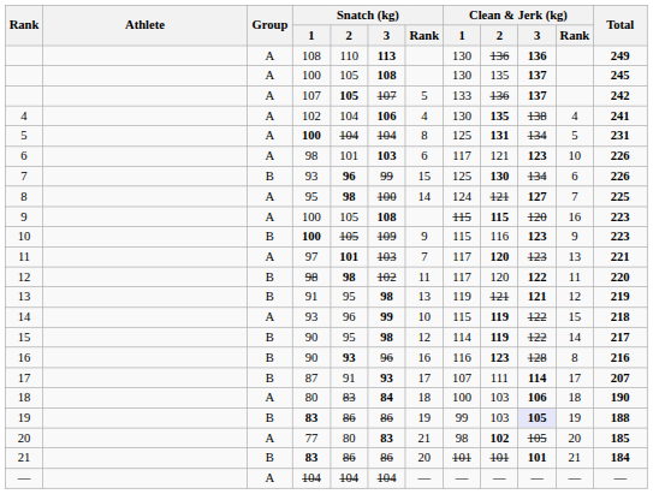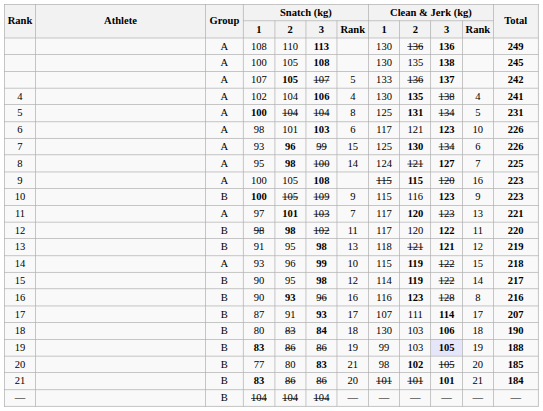 <table class = "wikitable" style="text-align:center;">
 <tr>
 <th rowspan=2 width=40>Rank</th>
 <th rowspan=2 width=250>Athlete</th>
 <th rowspan=2 width=50>Group</th>
 <th colspan=4>Snatch (kg)</th>
 <th colspan=4>Clean & Jerk (kg)</th>
 <th rowspan=2 width=60>Total</th>
 </tr>
 <tr>
 <th width=40>1</th>
 <th width=40>2</th>
 <th width=40>3</th>
 <th width=40>Rank</th>
 <th width=40>1</th>
 <th width=40>2</th>
 <th width=40>3</th>
 <th width=40>Rank</th>
 </tr>
 <tr>
 <td></td>
 <td align=left></td>
 <td>A</td>
 <td>108</td>
 <td>110</td>
 <td><strong>113</strong></td>
 <td></td>
 <td>130</td>
 <td><s>136 </s></td>
 <td><strong>136</strong></td>
 <td></td>
 <td><strong>249</strong></td>
 </tr>
 <tr>
 <td></td>
 <td align=left></td>
 <td>A</td>
 <td>100</td>
 <td>105</td>
 <td><strong>108</strong></td>
 <td></td>
 <td>130</td>
 <td>135</td>
-<td><strong>137</strong></td>
+<td><strong>138</strong></td>
 <td></td>
 <td><strong>245</strong></td>
 </tr>
 <tr>
 <td></td>
 <td align=left></td>
 <td>A</td>
 <td>107</td>
 <td><strong>105</strong></td>
 <td><s>107 </s></td>
 <td>5</td>
 <td>133</td>
 <td><s>136 </s></td>
 <td><strong>137</strong></td>
 <td></td>
 <td><strong>242</strong></td>
 </tr>
 <tr>
 <td>4</td>
 <td align=left></td>
 <td>A</td>
 <td>102</td>
 <td>104</td>
 <td><strong>106</strong></td>
 <td>4</td>
 <td>130</td>
 <td><strong>135</strong></td>
 <td><s>138 </s></td>
 <td>4</td>
 <td><strong>241</strong></td>
 </tr>
 <tr>
 <td>5</td>
 <td align=left></td>
 <td>A</td>
 <td><strong>100</strong></td>
 <td><s>104 </s></td>
 <td><s>104 </s></td>
 <td>8</td>
 <td>125</td>
 <td><strong>131</strong></td>
 <td><s>134 </s></td>
 <td>5</td>
 <td><strong>231</strong></td>
 </tr>
 <tr>
 <td>6</td>
 <td align=left></td>
 <td>A</td>
 <td>98</td>
 <td>101</td>
 <td><strong>103</strong></td>
 <td>6</td>
 <td>117</td>
 <td>121</td>
 <td><strong>123</strong></td>
 <td>10</td>
 <td><strong>226</strong></td>
 </tr>
 <tr>
 <td>7</td>
 <td align=left></td>
-<td>B</td>
+<td>A</td>
 <td>93</td>
 <td><strong>96</strong></td>
 <td><s>99 </s></td>
 <td>15</td>
 <td>125</td>
 <td><strong>130</strong></td>
 <td><s>134 </s></td>
 <td>6</td>
 <td><strong>226</strong></td>
 </tr>
 <tr>
 <td>8</td>
 <td align=left></td>
 <td>A</td>
 <td>95</td>
 <td><strong>98</strong></td>
 <td><s>100 </s></td>
 <td>14</td>
 <td>124</td>
 <td><s>121 </s></td>
 <td><strong>127</strong></td>
 <td>7</td>
 <td><strong>225</strong></td>
 </tr>
 <tr>
 <td>9</td>
 <td align=left></td>
 <td>A</td>
 <td>100</td>
 <td>105</td>
 <td><strong>108</strong></td>
 <td></td>
 <td><s>115 </s></td>
 <td><strong>115</strong></td>
 <td><s>120 </s></td>
 <td>16</td>
 <td><strong>223</strong></td>
 </tr>
 <tr>
 <td>10</td>
 <td align=left></td>
 <td>B</td>
 <td><strong>100</strong></td>
 <td><s>105 </s></td>
 <td><s>109 </s></td>
 <td>9</td>
 <td>115</td>
 <td>116</td>
 <td><strong>123</strong></td>
 <td>9</td>
 <td><strong>223</strong></td>
 </tr>
 <tr>
 <td>11</td>
 <td align=left></td>
 <td>A</td>
 <td>97</td>
 <td><strong>101</strong></td>
 <td><s>103 </s></td>
 <td>7</td>
 <td>117</td>
 <td><strong>120</strong></td>
 <td><s>123 </s></td>
 <td>13</td>
 <td><strong>221</strong></td>
 </tr>
 <tr>
 <td>12</td>
 <td align=left></td>
 <td>B</td>
 <td><s>98 </s></td>
 <td><strong>98</strong></td>
 <td><s>102 </s></td>
 <td>11</td>
 <td>117</td>
 <td>120</td>
 <td><strong>122</strong></td>
 <td>11</td>
 <td><strong>220</strong></td>
 </tr>
 <tr>
 <td>13</td>
 <td align=left></td>
 <td>B</td>
 <td>91</td>
 <td>95</td>
 <td><strong>98</strong></td>
 <td>13</td>
-<td>119</td>
+<td>118</td>
 <td><s>121 </s></td>
 <td><strong> 121</strong></td>
 <td>12</td>
 <td><strong>219</strong></td>
 </tr>
 <tr>
 <td>14</td>
 <td align=left></td>
 <td>A</td>
 <td>93</td>
 <td>96</td>
 <td><strong>99</strong></td>
 <td>10</td>
 <td>115</td>
 <td><strong>119</strong></td>
 <td><s>122 </s></td>
 <td>15</td>
 <td><strong>218</strong></td>
 </tr>
 <tr>
 <td>15</td>
 <td align=left></td>
 <td>B</td>
 <td>90</td>
 <td>95</td>
 <td><strong>98</strong></td>
 <td>12</td>
 <td>114</td>
 <td><strong>119</strong></td>
 <td><s>122 </s></td>
 <td>14</td>
 <td><strong>217</strong></td>
 </tr>
 <tr>
 <td>16</td>
 <td align=left></td>
 <td>B</td>
 <td>90</td>
 <td><strong>93</strong></td>
 <td><s>96 </s></td>
 <td>16</td>
 <td>116</td>
 <td><strong>123</strong></td>
 <td><s>128</s></td>
 <td>8</td>
 <td><strong>216</strong></td>
 </tr>
 <tr>
 <td>17</td>
 <td align=left></td>
 <td>B</td>
 <td>87</td>
 <td>91</td>
 <td><strong>93</strong></td>
 <td>17</td>
 <td>107</td>
 <td>111</td>
 <td><strong>114</strong></td>
 <td>17</td>
 <td><strong>207</strong></td>
 </tr>
 <tr>
 <td>18</td>
 <td align=left></td>
-<td>A</td>
+<td>B</td>
 <td>80</td>
 <td><s>83 </s></td>
 <td><strong>84</strong></td>
 <td>18</td>
-<td>100</td>
+<td>130</td>
 <td>103</td>
 <td><strong>106</strong></td>
 <td>18</td>
 <td><strong>190</strong></td>
 </tr>
 <tr>
 <td>19</td>
 <td align=left></td>
 <td>B</td>
 <td><strong>83</strong></td>
 <td><s>86 </s></td>
 <td><s>86 </s></td>
 <td>19</td>
 <td>99</td>
 <td>103</td>
 <td style="background: lavender;"><strong>105</strong></td>
 <td>19</td>
 <td><strong>188</strong></td>
 </tr>
 <tr>
 <td>20</td>
 <td align=left></td>
-<td>A</td>
+<td>B</td>
 <td>77</td>
 <td>80</td>
 <td><strong>83</strong></td>
 <td>21</td>
 <td>98</td>
 <td><strong>102</strong></td>
 <td><s>105 </s></td>
 <td>20</td>
 <td><strong>185</strong></td>
 </tr>
 <tr>
 <td>21</td>
 <td align=left></td>
 <td>B</td>
 <td><strong>83</strong></td>
 <td><s>86 </s></td>
 <td><s>86 </s></td>
 <td>20</td>
 <td><s>101 </s></td>
 <td><s>101 </s></td>
 <td><strong>101</strong></td>
 <td>21</td>
 <td><strong>184</strong></td>
 </tr>
 <tr>
 <td>—</td>
 <td align=left></td>
-<td>A</td>
+<td>B</td>
 <td><s>104 </s></td>
 <td><s>104 </s></td>
 <td><s>104 </s></td>
 <td>—</td>
 <td>—</td>
 <td>—</td>
 <td>—</td>
 <td>—</td>
 <td>—</td>
 </tr>
 </table>
